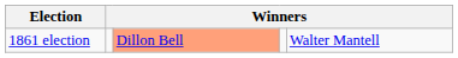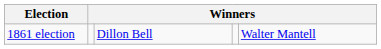 <table class=wikitable>
 <tr>
 <th width=100>Election</th>
 <th colspan=4>Winners</th>
 </tr>
 <tr>
 <td><a href='#'>1861 election</a></td>
 <td></td>
-<td width=170 style="background: lightsalmon;"><a href='#'>Dillon Bell</a></td>
+<td width=170><a href='#'>Dillon Bell</a></td>
 <td></td>
 <td width=170><a href='#'>Walter Mantell</a></td>
 </tr>
 </table>
